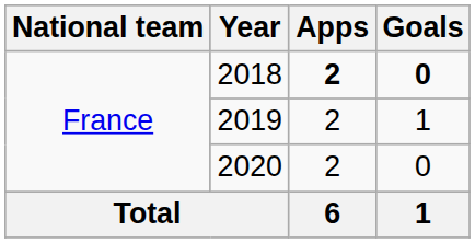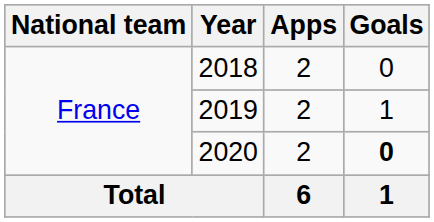 <table class="wikitable" style="text-align:center">
 <tr>
 <th>National team</th>
 <th>Year</th>
 <th>Apps</th>
 <th>Goals</th>
 </tr>
 <tr>
 <td rowspan=3><a href='#'>France</a></td>
 <td>2018</td>
-<td><strong>2</strong></td>
-<td><strong>0</strong></td>
+<td>2</td>
+<td>0</td>
 </tr>
 <tr>
 <td>2019</td>
 <td>2</td>
 <td>1</td>
 </tr>
 <tr>
 <td>2020</td>
 <td>2</td>
-<td>0</td>
+<td><strong>0</strong></td>
 </tr>
 <tr>
 <th colspan=2>Total</th>
 <th>6</th>
 <th>1</th>
 </tr>
 </table>
